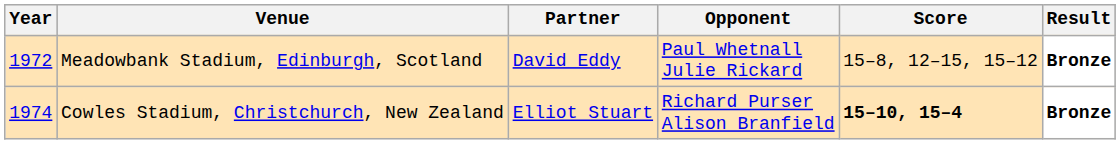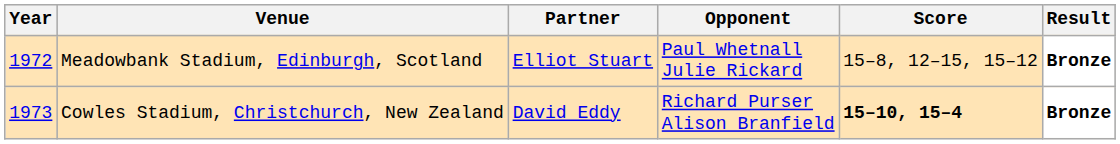 <table class="sortable wikitable" style="font-size: 90%;">
 <tr>
 <th>Year</th>
 <th>Venue</th>
 <th>Partner</th>
 <th>Opponent</th>
 <th>Score</th>
 <th>Result</th>
 </tr>
 <tr style="background:#FFE4B5">
 <td align="center"><a href='#'>1972</a></td>
 <td align="left">Meadowbank Stadium, <a href='#'>Edinburgh</a>, Scotland</td>
-<td align="left"> <a href='#'>David Eddy</a></td>
+<td align="left"> <a href='#'>Elliot Stuart</a></td>
 <td align="left"> <a href='#'>Paul Whetnall</a><br> <a href='#'>Julie Rickard</a></td>
 <td align="left">15–8, 12–15, 15–12</td>
 <td style="text-align:left; background:white"> <strong>Bronze</strong></td>
 </tr>
 <tr style="background:#FFE4B5">
-<td align="center"><a href='#'>1974</a></td>
+<td align="center"><a href='#'>1973</a></td>
 <td align="left">Cowles Stadium, <a href='#'>Christchurch</a>, New Zealand</td>
-<td align="left"> <a href='#'>Elliot Stuart</a></td>
+<td align="left"> <a href='#'>David Eddy</a></td>
 <td align="left"> <a href='#'>Richard Purser</a><br> <a href='#'>Alison Branfield</a></td>
 <td align="left"><strong>15–10, 15–4</strong></td>
 <td style="text-align:left; background:white"> <strong>Bronze</strong></td>
 </tr>
 </table>
